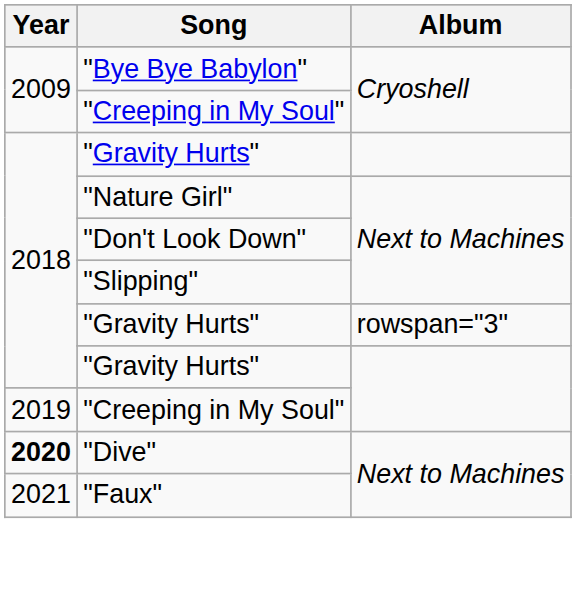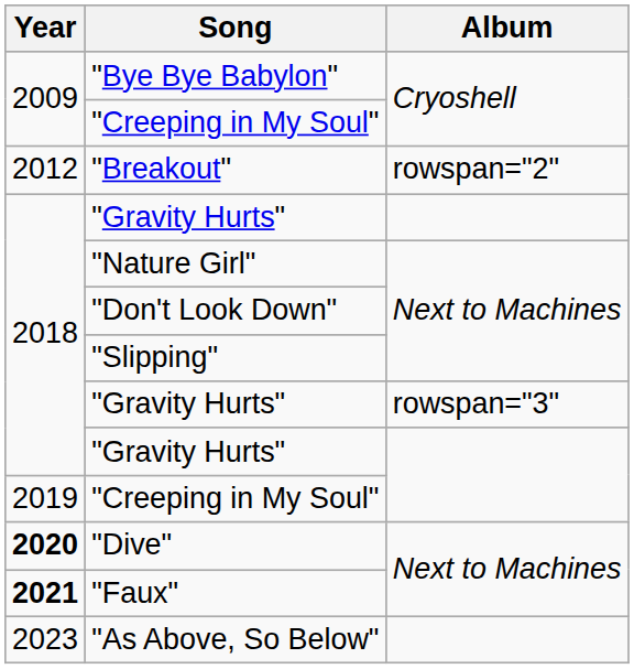 <table class="wikitable">
 <tr>
 <th>Year</th>
 <th>Song</th>
 <th>Album</th>
 </tr>
 <tr>
 <td rowspan="2">2009</td>
 <td>"<a href='#'>Bye Bye Babylon</a>"</td>
 <td rowspan="2"><em>Cryoshell</em></td>
 </tr>
 <tr>
 <td>"<a href='#'>Creeping in My Soul</a>"</td>
+</tr>
+<tr>
+<td>2012</td>
+<td>"<a href='#'>Breakout</a>"</td>
+<td>rowspan="2" </td>
 </tr>
 <tr>
 <td rowspan="6">2018</td>
 <td>"<a href='#'>Gravity Hurts</a>" </td>
 </tr>
 <tr>
 <td>"Nature Girl"</td>
 <td rowspan="3"><em>Next to Machines</em></td>
 </tr>
 <tr>
 <td>"Don't Look Down"</td>
 </tr>
 <tr>
 <td>"Slipping"</td>
 </tr>
 <tr>
 <td>"Gravity Hurts" </td>
 <td>rowspan="3" </td>
 </tr>
 <tr>
 <td>"Gravity Hurts" </td>
 </tr>
 <tr>
 <td>2019</td>
 <td>"Creeping in My Soul" </td>
 </tr>
 <tr>
 <td><strong>2020</strong></td>
 <td>"Dive"</td>
 <td rowspan="2"><em>Next to Machines</em></td>
 </tr>
 <tr>
-<td>2021</td>
+<td><strong>2021</strong></td>
 <td>"Faux"</td>
 </tr>
+<tr>
+<td>2023</td>
+<td>"As Above, So Below" </td>
+<td></td>
+</tr>
 </table>
